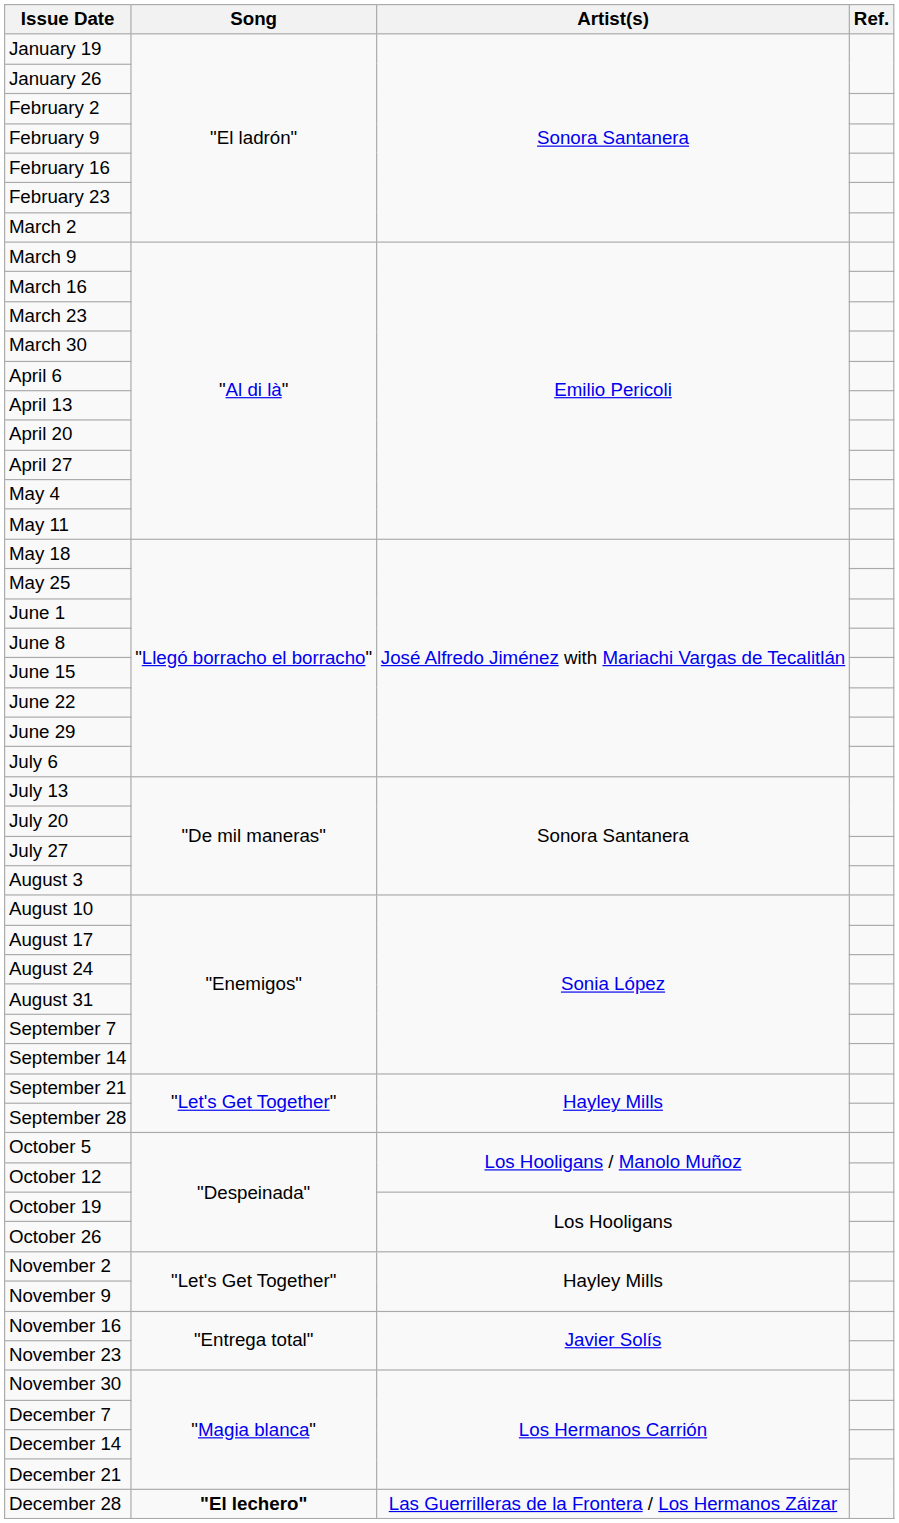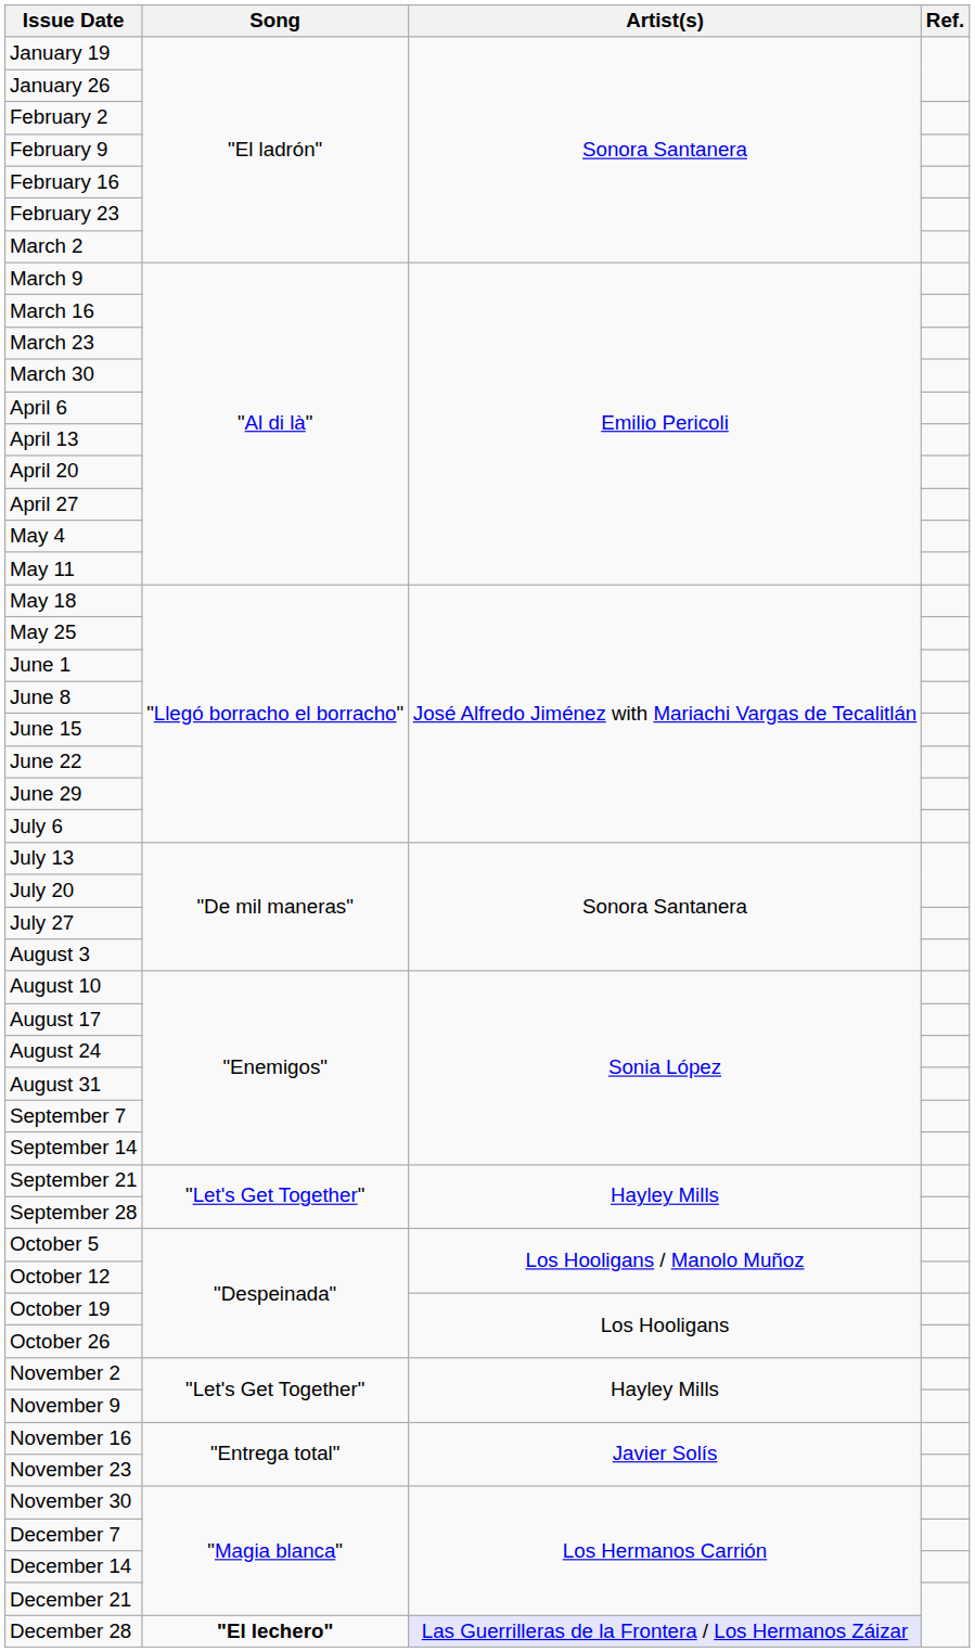 <table class="wikitable">
 <tr>
 <th>Issue Date</th>
 <th>Song</th>
 <th>Artist(s)</th>
 <th>Ref.</th>
 </tr>
 <tr>
 <td>January 19</td>
 <td align="center" rowspan="7">"El ladrón"</td>
 <td align="center" rowspan="7"><a href='#'>Sonora Santanera</a></td>
 <td align="center" rowspan=2></td>
 </tr>
 <tr>
 <td>January 26</td>
 </tr>
 <tr>
 <td>February 2</td>
 <td align="center" rowspan=1></td>
 </tr>
 <tr>
 <td>February 9</td>
 <td align="center" rowspan=1></td>
 </tr>
 <tr>
 <td>February 16</td>
 <td align="center" rowspan=1></td>
 </tr>
 <tr>
 <td>February 23</td>
 <td align="center" rowspan=1></td>
 </tr>
 <tr>
 <td>March 2</td>
 <td align="center" rowspan=1></td>
 </tr>
 <tr>
 <td>March 9</td>
 <td align="center" rowspan="10">"<a href='#'>Al di là</a>"</td>
 <td align="center" rowspan="10"><a href='#'>Emilio Pericoli</a></td>
 <td align="center" rowspan=1></td>
 </tr>
 <tr>
 <td>March 16</td>
 <td align="center" rowspan=1></td>
 </tr>
 <tr>
 <td>March 23</td>
 <td align="center" rowspan=1></td>
 </tr>
 <tr>
 <td>March 30</td>
 <td align="center" rowspan=1></td>
 </tr>
 <tr>
 <td>April 6</td>
 <td align="center" rowspan=1></td>
 </tr>
 <tr>
 <td>April 13</td>
 <td align="center" rowspan=1></td>
 </tr>
 <tr>
 <td>April 20</td>
 <td align="center" rowspan=1></td>
 </tr>
 <tr>
 <td>April 27</td>
 <td align="center" rowspan=1></td>
 </tr>
 <tr>
 <td>May 4</td>
 <td align="center" rowspan=1></td>
 </tr>
 <tr>
 <td>May 11</td>
 <td align="center" rowspan=1></td>
 </tr>
 <tr>
 <td>May 18</td>
 <td align="center" rowspan="8">"<a href='#'>Llegó borracho el borracho</a>"</td>
 <td align="center" rowspan="8"><a href='#'>José Alfredo Jiménez</a> with <a href='#'>Mariachi Vargas de Tecalitlán</a></td>
 <td align="center" rowspan=1></td>
 </tr>
 <tr>
 <td>May 25</td>
 <td align="center" rowspan=1></td>
 </tr>
 <tr>
 <td>June 1</td>
 <td align="center" rowspan=1></td>
 </tr>
 <tr>
 <td>June 8</td>
 <td align="center" rowspan=1></td>
 </tr>
 <tr>
 <td>June 15</td>
 <td align="center" rowspan=1></td>
 </tr>
 <tr>
 <td>June 22</td>
 <td align="center" rowspan=1></td>
 </tr>
 <tr>
 <td>June 29</td>
 <td align="center" rowspan=1></td>
 </tr>
 <tr>
 <td>July 6</td>
 <td align="center" rowspan=1></td>
 </tr>
 <tr>
 <td>July 13</td>
 <td align="center" rowspan="4">"De mil maneras"</td>
 <td align="center" rowspan="4">Sonora Santanera</td>
 <td align="center" rowspan=2></td>
 </tr>
 <tr>
 <td>July 20</td>
 </tr>
 <tr>
 <td>July 27</td>
 <td align="center" rowspan=1></td>
 </tr>
 <tr>
 <td>August 3</td>
 <td align="center" rowspan=1></td>
 </tr>
 <tr>
 <td>August 10</td>
 <td align="center" rowspan="6">"Enemigos"</td>
 <td align="center" rowspan="6"><a href='#'>Sonia López</a></td>
 <td align="center" rowspan=1></td>
 </tr>
 <tr>
 <td>August 17</td>
 <td align="center" rowspan=1></td>
 </tr>
 <tr>
 <td>August 24</td>
 <td align="center" rowspan=1></td>
 </tr>
 <tr>
 <td>August 31</td>
 <td align="center" rowspan=1></td>
 </tr>
 <tr>
 <td>September 7</td>
 <td align="center" rowspan=1></td>
 </tr>
 <tr>
 <td>September 14</td>
 <td align="center" rowspan=1></td>
 </tr>
 <tr>
 <td>September 21</td>
 <td align="center" rowspan="2">"<a href='#'>Let's Get Together</a>"</td>
 <td align="center" rowspan="2"><a href='#'>Hayley Mills</a></td>
 <td align="center" rowspan=1></td>
 </tr>
 <tr>
 <td>September 28</td>
 <td align="center" rowspan=1></td>
 </tr>
 <tr>
 <td>October 5</td>
 <td align="center" rowspan="4">"Despeinada"</td>
 <td align="center" rowspan="2"><a href='#'>Los Hooligans</a> / <a href='#'>Manolo Muñoz</a></td>
 <td align="center" rowspan=1></td>
 </tr>
 <tr>
 <td>October 12</td>
 <td align="center" rowspan=1></td>
 </tr>
 <tr>
 <td>October 19</td>
 <td align="center" rowspan="2">Los Hooligans</td>
 <td align="center" rowspan=1></td>
 </tr>
 <tr>
 <td>October 26</td>
 <td align="center" rowspan=1></td>
 </tr>
 <tr>
 <td>November 2</td>
 <td align="center" rowspan="2">"Let's Get Together"</td>
 <td align="center" rowspan="2">Hayley Mills</td>
 <td align="center" rowspan=1></td>
 </tr>
 <tr>
 <td>November 9</td>
 <td align="center" rowspan=1></td>
 </tr>
 <tr>
 <td>November 16</td>
 <td align="center" rowspan="2">"Entrega total"</td>
 <td align="center" rowspan="2"><a href='#'>Javier Solís</a></td>
 <td align="center" rowspan=1></td>
 </tr>
 <tr>
 <td>November 23</td>
 <td align="center" rowspan=1></td>
 </tr>
 <tr>
 <td>November 30</td>
 <td align="center" rowspan="4">"<a href='#'>Magia blanca</a>"</td>
 <td align="center" rowspan="4"><a href='#'>Los Hermanos Carrión</a></td>
 <td align="center" rowspan=1></td>
 </tr>
 <tr>
 <td>December 7</td>
 <td align="center" rowspan=1></td>
 </tr>
 <tr>
 <td>December 14</td>
 <td align="center" rowspan=1></td>
 </tr>
 <tr>
 <td>December 21</td>
 <td align="center" rowspan=2></td>
 </tr>
 <tr>
 <td>December 28</td>
 <td align="center"><strong>"El lechero"</strong></td>
-<td align="center"><a href='#'>Las Guerrilleras de la Frontera</a> / <a href='#'>Los Hermanos Záizar</a></td>
+<td align="center" style="background: lavender;"><a href='#'>Las Guerrilleras de la Frontera</a> / <a href='#'>Los Hermanos Záizar</a></td>
 </tr>
 <tr>
 </tr>
 </table>
